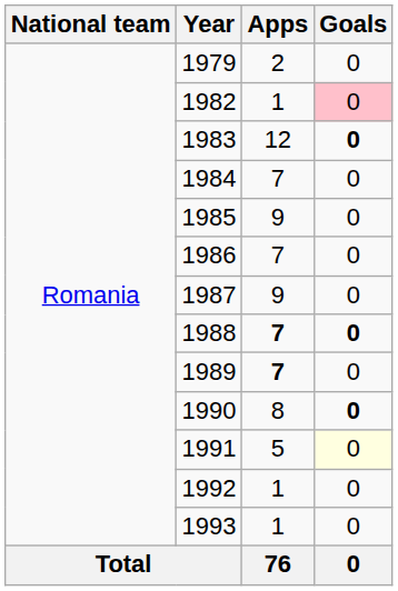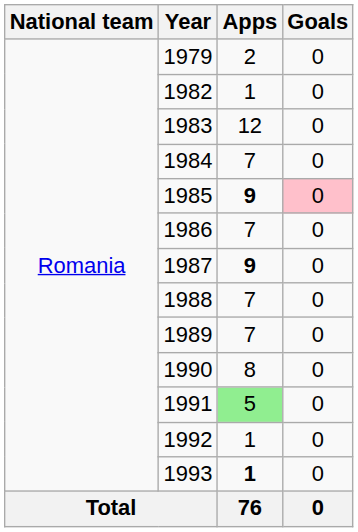 <table class="wikitable" style="text-align:center">
 <tr>
 <th>National team</th>
 <th>Year</th>
 <th>Apps</th>
 <th>Goals</th>
 </tr>
 <tr>
 <td rowspan="13"><a href='#'>Romania</a></td>
 <td>1979</td>
 <td>2</td>
 <td>0</td>
 </tr>
 <tr>
 <td>1982</td>
 <td>1</td>
-<td style="background: pink;">0</td>
+<td>0</td>
 </tr>
 <tr>
 <td>1983</td>
 <td>12</td>
-<td><strong>0</strong></td>
+<td>0</td>
 </tr>
 <tr>
 <td>1984</td>
 <td>7</td>
 <td>0</td>
 </tr>
 <tr>
 <td>1985</td>
-<td>9</td>
-<td>0</td>
+<td><strong>9</strong></td>
+<td style="background: pink;">0</td>
 </tr>
 <tr>
 <td>1986</td>
 <td>7</td>
 <td>0</td>
 </tr>
 <tr>
 <td>1987</td>
-<td>9</td>
+<td><strong>9</strong></td>
 <td>0</td>
 </tr>
 <tr>
 <td>1988</td>
-<td><strong>7</strong></td>
-<td><strong>0</strong></td>
+<td>7</td>
+<td>0</td>
 </tr>
 <tr>
 <td>1989</td>
-<td><strong>7</strong></td>
+<td>7</td>
 <td>0</td>
 </tr>
 <tr>
 <td>1990</td>
 <td>8</td>
-<td><strong>0</strong></td>
+<td>0</td>
 </tr>
 <tr>
 <td>1991</td>
-<td>5</td>
-<td style="background: lightyellow;">0</td>
+<td style="background: lightgreen;">5</td>
+<td>0</td>
 </tr>
 <tr>
 <td>1992</td>
 <td>1</td>
 <td>0</td>
 </tr>
 <tr>
 <td>1993</td>
-<td>1</td>
+<td><strong>1</strong></td>
 <td>0</td>
 </tr>
 <tr>
 <th colspan="2">Total</th>
 <th>76</th>
 <th>0</th>
 </tr>
 </table>
